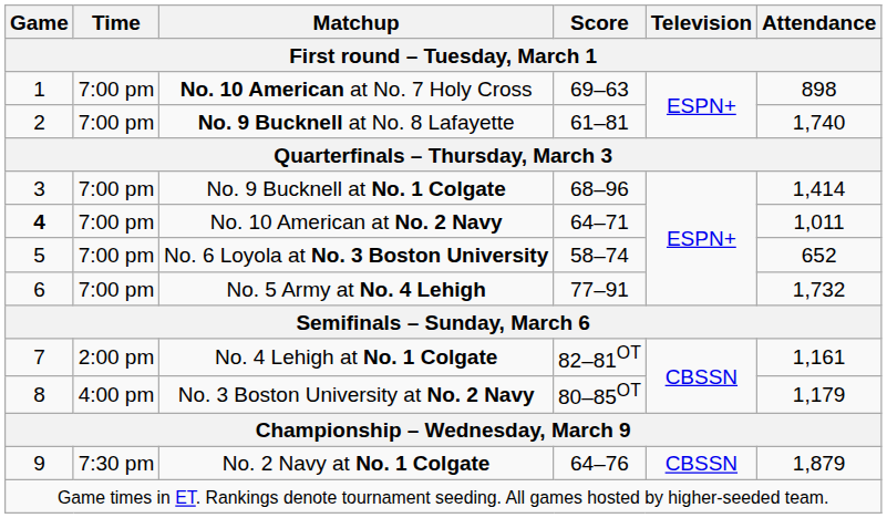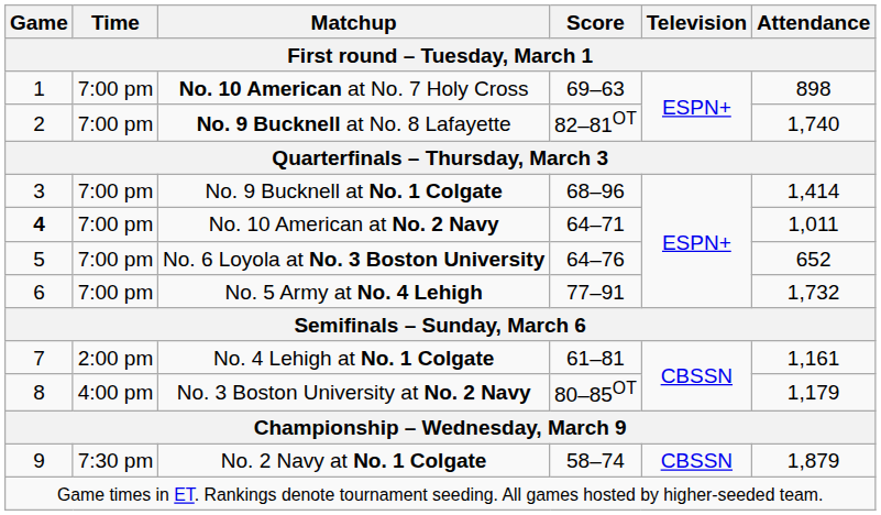 <table class="wikitable" style="font-size: 95%;text-align:center">
 <tr>
 <th>Game</th>
 <th>Time</th>
 <th>Matchup</th>
 <th>Score</th>
 <th>Television</th>
 <th>Attendance</th>
 </tr>
 <tr>
 <th colspan="6">First round – Tuesday, March 1</th>
 </tr>
 <tr>
 <td>1</td>
 <td>7:00 pm</td>
 <td><strong>No. 10 American</strong> at No. 7 Holy Cross</td>
 <td>69–63</td>
 <td rowspan="2"><a href='#'>ESPN+</a></td>
 <td>898</td>
 </tr>
 <tr>
 <td>2</td>
 <td>7:00 pm</td>
 <td><strong>No. 9 Bucknell</strong> at No. 8 Lafayette</td>
-<td>61–81</td>
+<td>82–81<sup>OT</sup></td>
 <td>1,740</td>
 </tr>
 <tr>
 <th colspan="6">Quarterfinals – Thursday, March 3</th>
 </tr>
 <tr>
 <td>3</td>
 <td>7:00 pm</td>
 <td>No. 9 Bucknell at <strong>No. 1 Colgate</strong></td>
 <td>68–96</td>
 <td rowspan="4"><a href='#'>ESPN+</a></td>
 <td>1,414</td>
 </tr>
 <tr>
 <td><strong>4</strong></td>
 <td>7:00 pm</td>
 <td>No. 10 American at <strong>No. 2 Navy</strong></td>
 <td>64–71</td>
 <td>1,011</td>
 </tr>
 <tr>
 <td>5</td>
 <td>7:00 pm</td>
 <td>No. 6 Loyola at <strong>No. 3 Boston University</strong></td>
-<td>58–74</td>
+<td>64–76</td>
 <td>652</td>
 </tr>
 <tr>
 <td>6</td>
 <td>7:00 pm</td>
 <td>No. 5 Army at <strong>No. 4 Lehigh</strong></td>
 <td>77–91</td>
 <td>1,732</td>
 </tr>
 <tr>
 <th colspan="6">Semifinals – Sunday, March 6</th>
 </tr>
 <tr>
 <td>7</td>
 <td>2:00 pm</td>
 <td>No. 4 Lehigh at <strong>No. 1 Colgate</strong></td>
-<td>82–81<sup>OT</sup></td>
+<td>61–81</td>
 <td rowspan="2"><a href='#'>CBSSN</a></td>
 <td>1,161</td>
 </tr>
 <tr>
 <td>8</td>
 <td>4:00 pm</td>
 <td>No. 3 Boston University at <strong>No. 2 Navy</strong></td>
 <td>80–85<sup>OT</sup></td>
 <td>1,179</td>
 </tr>
 <tr>
 <th colspan="6">Championship – Wednesday, March 9</th>
 </tr>
 <tr>
 <td>9</td>
 <td>7:30 pm</td>
 <td>No. 2 Navy at <strong>No. 1 Colgate</strong></td>
-<td>64–76</td>
+<td>58–74</td>
 <td><a href='#'>CBSSN</a></td>
 <td>1,879</td>
 </tr>
 <tr>
 <td colspan="6"><small>Game times in <a href='#'>ET</a>. Rankings denote tournament seeding. All games hosted by higher-seeded team.</small></td>
 </tr>
 </table>
